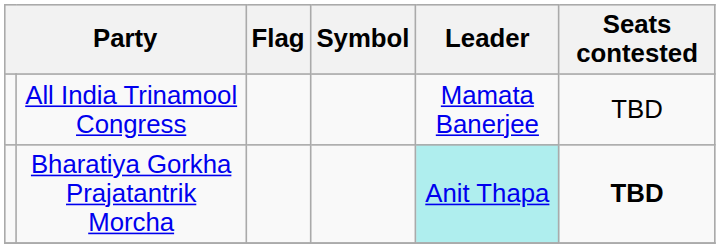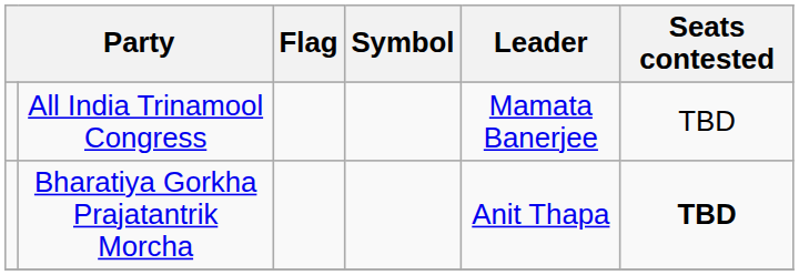 <table class="wikitable" width="50%" style="text-align:center;">
 <tr>
 <th colspan="2">Party</th>
 <th>Flag</th>
 <th>Symbol</th>
 <th>Leader</th>
 <th>Seats contested</th>
 </tr>
 <tr>
 <td></td>
 <td><a href='#'>All India Trinamool Congress</a></td>
 <td></td>
 <td></td>
 <td><a href='#'>Mamata Banerjee</a></td>
 <td>TBD</td>
 </tr>
 <tr>
 <td></td>
 <td><a href='#'>Bharatiya Gorkha Prajatantrik Morcha</a></td>
 <td></td>
 <td></td>
-<td style="background: paleturquoise;"><a href='#'>Anit Thapa</a></td>
+<td><a href='#'>Anit Thapa</a></td>
 <td><strong>TBD</strong></td>
 </tr>
 <tr>
 </tr>
 </table>
